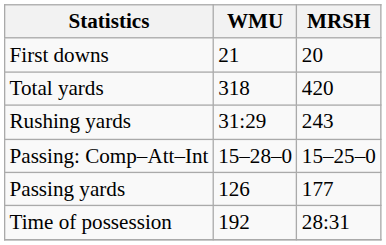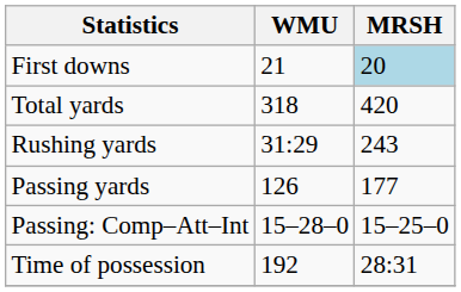 <table class="wikitable" style="float: left;">
 <tr>
 <th>Statistics</th>
 <th>WMU</th>
 <th>MRSH</th>
 </tr>
 <tr>
 <td>First downs</td>
 <td>21</td>
-<td>20</td>
+<td style="background: lightblue;">20</td>
 </tr>
 <tr>
 <td>Total yards</td>
 <td>318</td>
 <td>420</td>
 </tr>
 <tr>
 <td>Rushing yards</td>
 <td>31:29</td>
 <td>243</td>
 </tr>
 <tr>
+<td>Passing yards</td>
+<td>126</td>
+<td>177</td>
+</tr>
+<tr>
 <td>Passing: Comp–Att–Int</td>
 <td>15–28–0</td>
 <td>15–25–0</td>
-</tr>
-<tr>
-<td>Passing yards</td>
-<td>126</td>
-<td>177</td>
 </tr>
 <tr>
 <td>Time of possession</td>
 <td>192</td>
 <td>28:31</td>
 </tr>
 <tr>
 </tr>
 </table>
